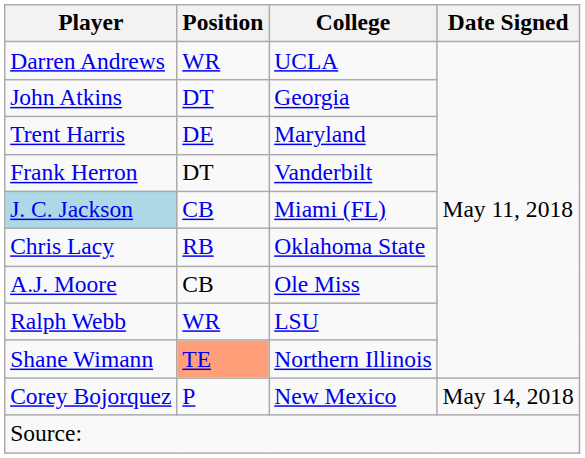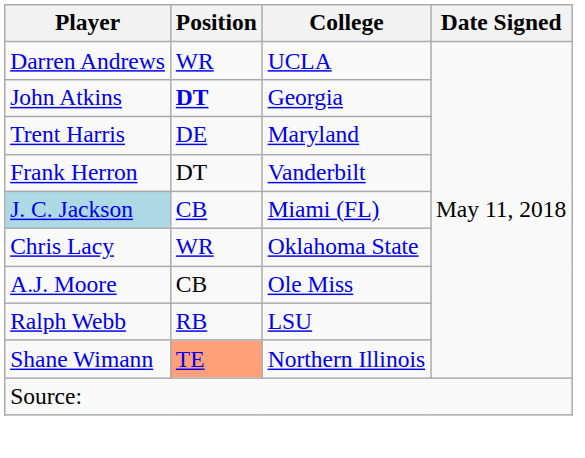 <table class="wikitable">
 <tr>
 <th>Player</th>
 <th>Position</th>
 <th>College</th>
 <th>Date Signed</th>
 </tr>
 <tr>
 <td><a href='#'>Darren Andrews</a></td>
 <td><a href='#'>WR</a></td>
 <td><a href='#'>UCLA</a></td>
 <td rowspan="9">May 11, 2018</td>
 </tr>
 <tr>
 <td><a href='#'>John Atkins</a></td>
-<td><a href='#'>DT</a></td>
+<td><strong><a href='#'>DT</a></strong></td>
 <td><a href='#'>Georgia</a></td>
 </tr>
 <tr>
 <td><a href='#'>Trent Harris</a></td>
 <td><a href='#'>DE</a></td>
 <td><a href='#'>Maryland</a></td>
 </tr>
 <tr>
 <td><a href='#'>Frank Herron</a></td>
 <td>DT</td>
 <td><a href='#'>Vanderbilt</a></td>
 </tr>
 <tr>
 <td style="background:#ADD8E6"><a href='#'>J. C. Jackson</a></td>
 <td><a href='#'>CB</a></td>
 <td><a href='#'>Miami (FL)</a></td>
 </tr>
 <tr>
 <td><a href='#'>Chris Lacy</a></td>
-<td><a href='#'>RB</a></td>
+<td><a href='#'>WR</a></td>
 <td><a href='#'>Oklahoma State</a></td>
 </tr>
 <tr>
 <td><a href='#'>A.J. Moore</a></td>
 <td>CB</td>
 <td><a href='#'>Ole Miss</a></td>
 </tr>
 <tr>
 <td><a href='#'>Ralph Webb</a></td>
-<td><a href='#'>WR</a></td>
+<td><a href='#'>RB</a></td>
 <td><a href='#'>LSU</a></td>
 </tr>
 <tr>
 <td><a href='#'>Shane Wimann</a></td>
 <td style="background: lightsalmon;"><a href='#'>TE</a></td>
 <td><a href='#'>Northern Illinois</a></td>
 </tr>
 <tr>
-<td><a href='#'>Corey Bojorquez</a></td>
-<td><a href='#'>P</a></td>
-<td><a href='#'>New Mexico</a></td>
-<td>May 14, 2018</td>
-</tr>
-<tr>
 <td colspan="4">Source:</td>
 </tr>
 </table>
